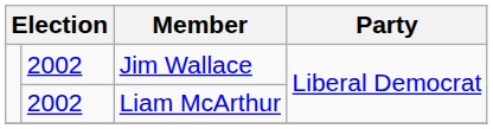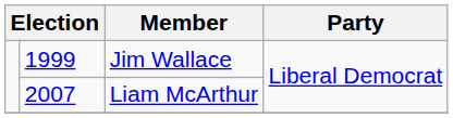 <table class="wikitable">
 <tr>
 <th colspan="2">Election</th>
 <th>Member</th>
 <th>Party</th>
 </tr>
 <tr>
 <td rowspan=2 style="background-color: "></td>
-<td><a href='#'>2002</a></td>
+<td><a href='#'>1999</a></td>
 <td><a href='#'>Jim Wallace</a></td>
 <td rowspan=2><a href='#'>Liberal Democrat</a></td>
 </tr>
 <tr>
-<td><a href='#'>2002</a></td>
+<td><a href='#'>2007</a></td>
 <td><a href='#'>Liam McArthur</a></td>
 </tr>
 <tr>
 </tr>
 </table>
